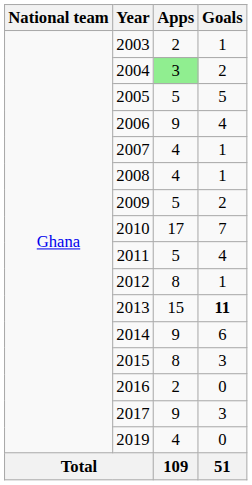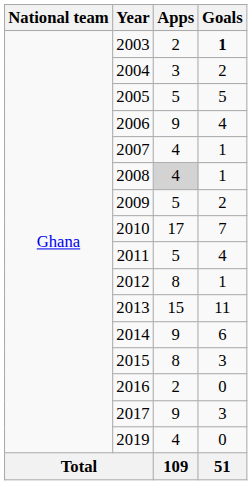 <table class="wikitable" style="text-align:center">
 <tr>
 <th>National team</th>
 <th>Year</th>
 <th>Apps</th>
 <th>Goals</th>
 </tr>
 <tr>
 <td rowspan="16"><a href='#'>Ghana</a></td>
 <td>2003</td>
 <td>2</td>
-<td>1</td>
+<td><strong>1</strong></td>
 </tr>
 <tr>
 <td>2004</td>
-<td style="background: lightgreen;">3</td>
+<td>3</td>
 <td>2</td>
 </tr>
 <tr>
 <td>2005</td>
 <td>5</td>
 <td>5</td>
 </tr>
 <tr>
 <td>2006</td>
 <td>9</td>
 <td>4</td>
 </tr>
 <tr>
 <td>2007</td>
 <td>4</td>
 <td>1</td>
 </tr>
 <tr>
 <td>2008</td>
-<td>4</td>
+<td style="background: lightgrey;">4</td>
 <td>1</td>
 </tr>
 <tr>
 <td>2009</td>
 <td>5</td>
 <td>2</td>
 </tr>
 <tr>
 <td>2010</td>
 <td>17</td>
 <td>7</td>
 </tr>
 <tr>
 <td>2011</td>
 <td>5</td>
 <td>4</td>
 </tr>
 <tr>
 <td>2012</td>
 <td>8</td>
 <td>1</td>
 </tr>
 <tr>
 <td>2013</td>
 <td>15</td>
-<td><strong>11</strong></td>
+<td>11</td>
 </tr>
 <tr>
 <td>2014</td>
 <td>9</td>
 <td>6</td>
 </tr>
 <tr>
 <td>2015</td>
 <td>8</td>
 <td>3</td>
 </tr>
 <tr>
 <td>2016</td>
 <td>2</td>
 <td>0</td>
 </tr>
 <tr>
 <td>2017</td>
 <td>9</td>
 <td>3</td>
 </tr>
 <tr>
 <td>2019</td>
 <td>4</td>
 <td>0</td>
 </tr>
 <tr>
 <th colspan="2">Total</th>
 <th>109</th>
 <th>51</th>
 </tr>
 </table>
